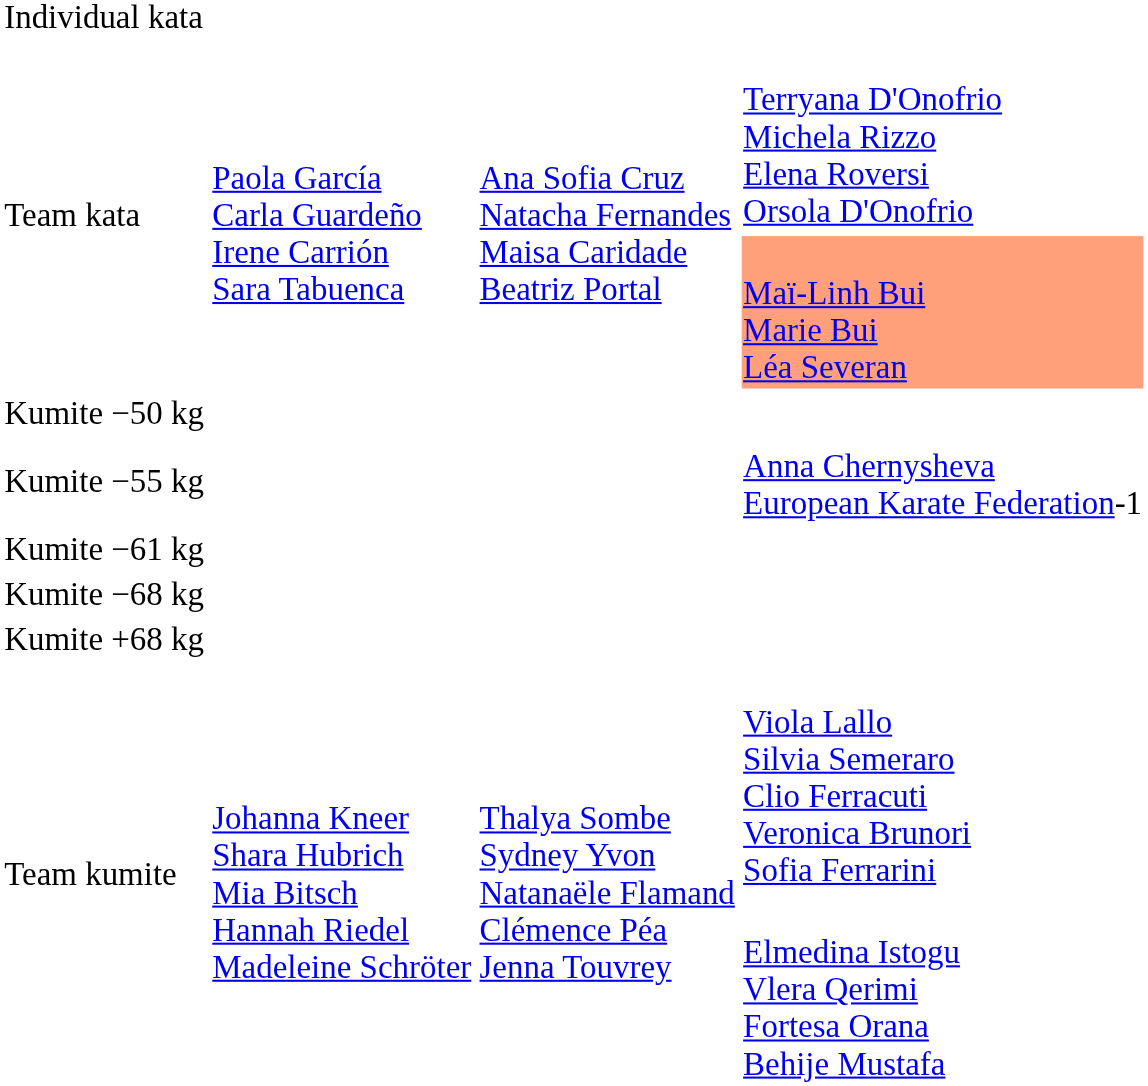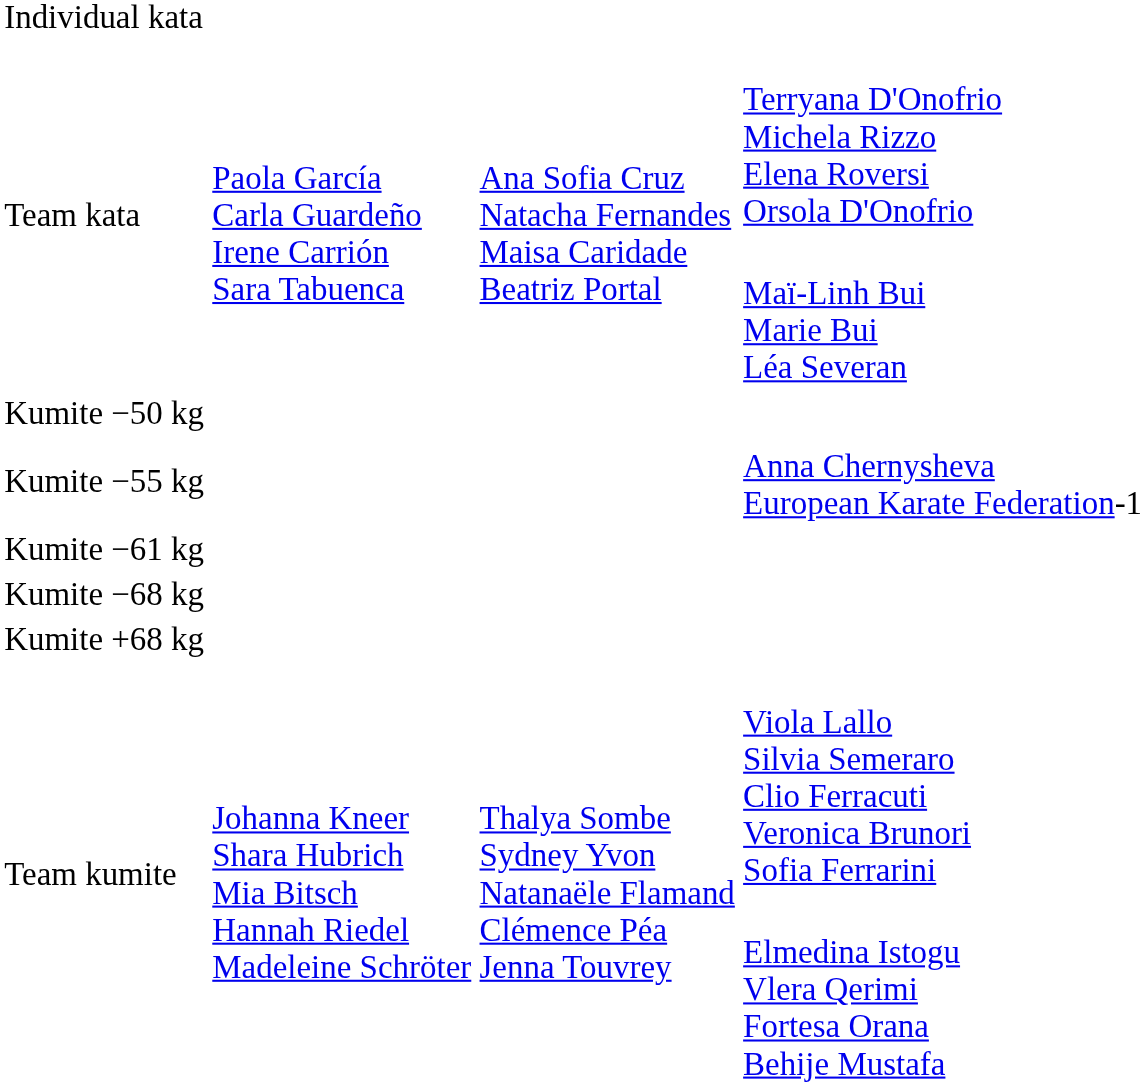 <table>
 <tr>
 <td rowspan=2>Individual kata<br></td>
 <td rowspan=2></td>
 <td rowspan=2></td>
 <td></td>
 </tr>
 <tr>
 <td></td>
 </tr>
 <tr>
 <td rowspan=2>Team kata<br></td>
 <td rowspan=2><br><a href='#'>Paola García</a><br><a href='#'>Carla Guardeño</a><br><a href='#'>Irene Carrión</a><br><a href='#'>Sara Tabuenca</a></td>
 <td rowspan=2><br><a href='#'>Ana Sofia Cruz</a><br><a href='#'>Natacha Fernandes</a><br><a href='#'>Maisa Caridade</a><br><a href='#'>Beatriz Portal</a></td>
 <td><br><a href='#'>Terryana D'Onofrio</a><br><a href='#'>Michela Rizzo</a><br><a href='#'>Elena Roversi</a><br><a href='#'>Orsola D'Onofrio</a></td>
 </tr>
 <tr>
-<td style="background: lightsalmon;"><br><a href='#'>Maï-Linh Bui</a><br><a href='#'>Marie Bui</a><br><a href='#'>Léa Severan</a></td>
+<td><br><a href='#'>Maï-Linh Bui</a><br><a href='#'>Marie Bui</a><br><a href='#'>Léa Severan</a></td>
 </tr>
 <tr>
 <td rowspan=2>Kumite −50 kg<br></td>
 <td rowspan=2></td>
 <td rowspan=2></td>
 <td></td>
 </tr>
 <tr>
 <td></td>
 </tr>
 <tr>
 <td rowspan=2>Kumite −55 kg<br></td>
 <td rowspan=2></td>
 <td rowspan=2></td>
 <td></td>
 </tr>
 <tr>
 <td><a href='#'>Anna Chernysheva</a><br><a href='#'>European Karate Federation</a>-1</td>
 </tr>
 <tr>
 <td rowspan=2>Kumite −61 kg<br></td>
 <td rowspan=2></td>
 <td rowspan=2></td>
 <td></td>
 </tr>
 <tr>
 <td></td>
 </tr>
 <tr>
 <td rowspan=2>Kumite −68 kg<br></td>
 <td rowspan=2></td>
 <td rowspan=2></td>
 <td></td>
 </tr>
 <tr>
 <td></td>
 </tr>
 <tr>
 <td rowspan=2>Kumite +68 kg<br></td>
 <td rowspan=2></td>
 <td rowspan=2></td>
 <td></td>
 </tr>
 <tr>
 <td></td>
 </tr>
 <tr>
 <td rowspan=2>Team kumite<br></td>
 <td rowspan=2><br><a href='#'>Johanna Kneer</a><br><a href='#'>Shara Hubrich</a><br><a href='#'>Mia Bitsch</a><br><a href='#'>Hannah Riedel</a><br><a href='#'>Madeleine Schröter</a></td>
 <td rowspan=2><br><a href='#'>Thalya Sombe</a><br><a href='#'>Sydney Yvon</a><br><a href='#'>Natanaële Flamand</a><br><a href='#'>Clémence Péa</a><br><a href='#'>Jenna Touvrey</a></td>
 <td><br><a href='#'>Viola Lallo</a><br><a href='#'>Silvia Semeraro</a><br><a href='#'>Clio Ferracuti</a><br><a href='#'>Veronica Brunori</a><br><a href='#'>Sofia Ferrarini</a></td>
 </tr>
 <tr>
 <td><br><a href='#'>Elmedina Istogu</a><br><a href='#'>Vlera Qerimi</a><br><a href='#'>Fortesa Orana</a><br><a href='#'>Behije Mustafa</a></td>
 </tr>
 </table>
